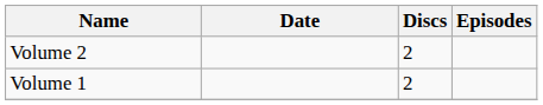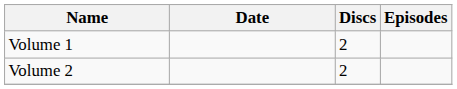 <table class="wikitable">
 <tr>
 <th style="width: 150px;">Name</th>
 <th style="width: 150px;">Date</th>
 <th>Discs</th>
 <th>Episodes</th>
 </tr>
 <tr>
-<td>Volume 2</td>
+<td>Volume 1</td>
 <td></td>
 <td>2</td>
 <td></td>
 </tr>
 <tr>
-<td>Volume 1</td>
+<td>Volume 2</td>
 <td></td>
 <td>2</td>
 <td></td>
 </tr>
 <tr>
 </tr>
 </table>
